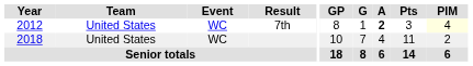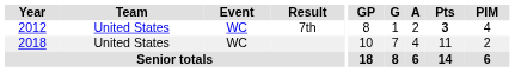 <table border="0" cellpadding="1" cellspacing="0" ID="Table3" style="text-align:center; width:40em">
 <tr ALIGN="center" bgcolor="#e0e0e0">
 <th>Year</th>
 <th>Team</th>
 <th>Event</th>
 <th>Result</th>
 <th rowspan="99" bgcolor="#ffffff"></th>
 <th>GP</th>
 <th>G</th>
 <th>A</th>
 <th>Pts</th>
 <th>PIM</th>
 </tr>
 <tr>
 <td><a href='#'>2012</a></td>
 <td><a href='#'>United States</a></td>
 <td><a href='#'>WC</a></td>
 <td>7th</td>
 <td>8</td>
 <td>1</td>
-<td><strong>2</strong></td>
-<td>3</td>
-<td style="background: lightyellow;">4</td>
+<td>2</td>
+<td><strong>3</strong></td>
+<td>4</td>
 </tr>
 <tr bgcolor="#f0f0f0">
 <td><a href='#'>2018</a></td>
 <td>United States</td>
 <td>WC</td>
 <td></td>
 <td>10</td>
 <td>7</td>
 <td>4</td>
 <td>11</td>
 <td>2</td>
 </tr>
 <tr bgcolor="#e0e0e0">
 <th colspan="4">Senior totals</th>
 <th>18</th>
 <th>8</th>
 <th>6</th>
 <th>14</th>
 <th>6</th>
 </tr>
 </table>
